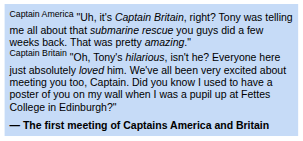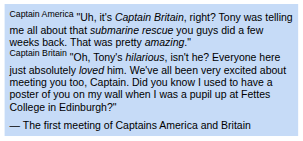 <table class="toccolours" style="float: right; margin-left: 1em; margin-right: 2em; font-size: 80%; background:#c6dbf7; color:black; width:28em; max-width: 40%;" cellspacing="5">
 <tr>
 <td style="text-align: left;"><sup>Captain America</sup>    "Uh, it's <em>Captain Britain</em>, right?  Tony was telling me all about that <em>submarine rescue</em> you guys did a few weeks back.  That was pretty <em>amazing</em>."<br><sup>Captain Britain</sup>  "Oh, Tony's <em>hilarious</em>, isn't he?  Everyone here just absolutely <em>loved</em> him.  We've all been very excited about meeting you too, Captain.  Did you know I used to have a poster of you on my wall when I was a pupil up at Fettes College in Edinburgh?"</td>
 </tr>
 <tr>
-<td style="text-align: left;"><strong>— The first meeting of Captains America and Britain</strong></td>
+<td style="text-align: left;">— The first meeting of Captains America and Britain</td>
 </tr>
 </table>
